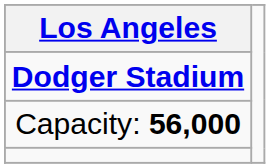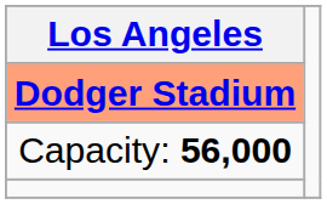 <table class="wikitable" style="text-align:center">
 <tr>
 <th><a href='#'>Los Angeles</a></th>
 <td rowspan=4></td>
 </tr>
 <tr>
-<td><strong><a href='#'>Dodger Stadium</a></strong></td>
+<td style="background: lightsalmon;"><strong><a href='#'>Dodger Stadium</a></strong></td>
 </tr>
 <tr>
 <td>Capacity: <strong>56,000</strong></td>
 </tr>
 <tr>
 <td></td>
 </tr>
 </table>
